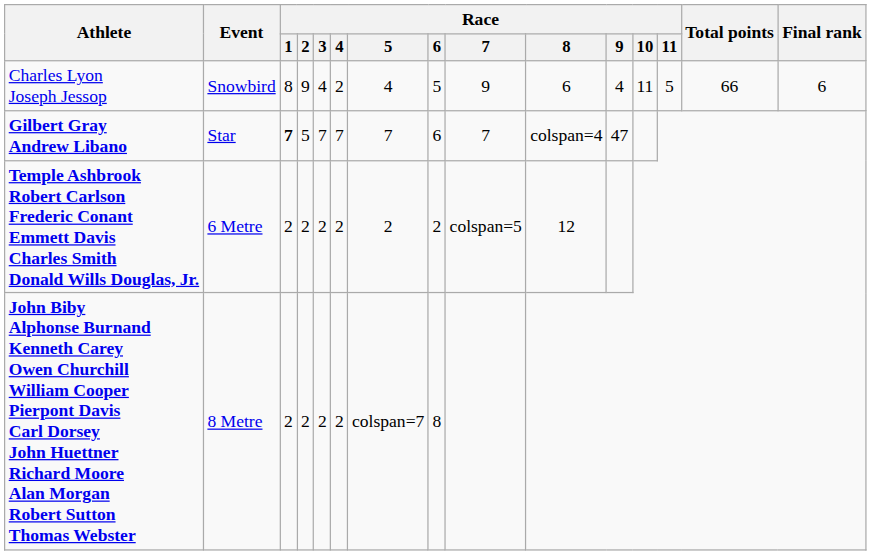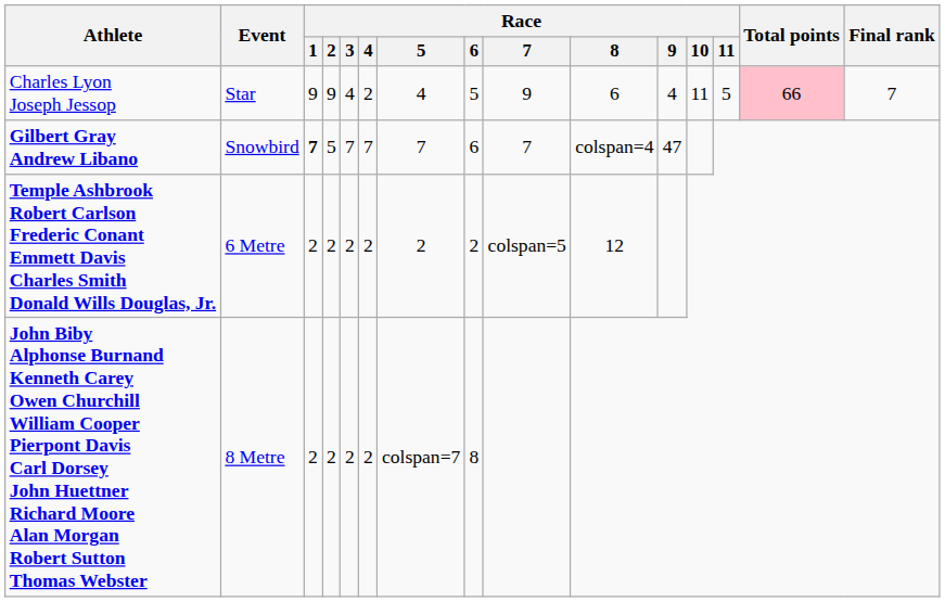 <table class="wikitable" style="font-size:90%;">
 <tr>
 <th rowspan=2>Athlete</th>
 <th rowspan=2>Event</th>
 <th colspan=11>Race</th>
 <th rowspan=2>Total points</th>
 <th rowspan=2>Final rank</th>
 </tr>
 <tr style="font-size:95%">
 <th>1</th>
 <th>2</th>
 <th>3</th>
 <th>4</th>
 <th>5</th>
 <th>6</th>
 <th>7</th>
 <th>8</th>
 <th>9</th>
 <th>10</th>
 <th>11</th>
 </tr>
 <tr align=center>
 <td align=left><a href='#'>Charles Lyon</a><br><a href='#'>Joseph Jessop</a></td>
-<td align=left><a href='#'>Snowbird</a></td>
-<td>8</td>
+<td align=left><a href='#'>Star</a></td>
+<td>9</td>
 <td>9</td>
 <td>4</td>
 <td>2</td>
 <td>4</td>
 <td>5</td>
 <td>9</td>
 <td>6</td>
 <td>4</td>
 <td>11</td>
 <td>5</td>
-<td>66</td>
-<td>6</td>
+<td style="background: pink;">66</td>
+<td>7</td>
 </tr>
 <tr align=center>
 <td align=left><strong><a href='#'>Gilbert Gray</a><br><a href='#'>Andrew Libano</a></strong></td>
-<td align=left><a href='#'>Star</a></td>
+<td align=left><a href='#'>Snowbird</a></td>
 <td><strong>7</strong></td>
 <td>5</td>
 <td>7</td>
 <td>7</td>
 <td>7</td>
 <td>6</td>
 <td>7</td>
 <td>colspan=4 </td>
 <td>47</td>
 <td></td>
 </tr>
 <tr align=center>
 <td align=left><strong><a href='#'>Temple Ashbrook</a><br><a href='#'>Robert Carlson</a><br><a href='#'>Frederic Conant</a><br><a href='#'>Emmett Davis</a><br><a href='#'>Charles Smith</a><br><a href='#'>Donald Wills Douglas, Jr.</a></strong></td>
 <td align=left><a href='#'>6 Metre</a></td>
 <td>2</td>
 <td>2</td>
 <td>2</td>
 <td>2</td>
 <td>2</td>
 <td>2</td>
 <td>colspan=5 </td>
 <td>12</td>
 <td></td>
 </tr>
 <tr align=center>
 <td align=left><strong><a href='#'>John Biby</a><br><a href='#'>Alphonse Burnand</a><br><a href='#'>Kenneth Carey</a><br><a href='#'>Owen Churchill</a><br><a href='#'>William Cooper</a><br><a href='#'>Pierpont Davis</a><br><a href='#'>Carl Dorsey</a><br><a href='#'>John Huettner</a><br><a href='#'>Richard Moore</a><br><a href='#'>Alan Morgan</a><br><a href='#'>Robert Sutton</a><br><a href='#'>Thomas Webster</a></strong></td>
 <td align=left><a href='#'>8 Metre</a></td>
 <td>2</td>
 <td>2</td>
 <td>2</td>
 <td>2</td>
 <td>colspan=7 </td>
 <td>8</td>
 <td></td>
 </tr>
 </table>
